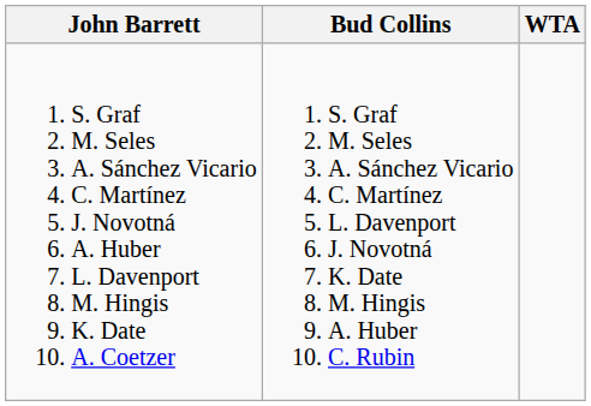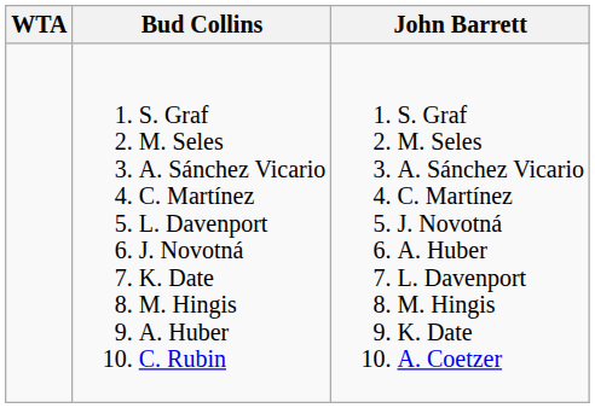 <table class="wikitable">
 <tr>
+<th>WTA</th>
+<th>Bud Collins</th>
 <th>John Barrett</th>
-<th>Bud Collins</th>
-<th>WTA</th>
 </tr>
 <tr style="vertical-align: top;">
+<td></td>
+<td style="white-space: nowrap;"><br><ol><li> S. Graf</li><li> M. Seles</li><li> A. Sánchez Vicario</li><li> C. Martínez</li><li> L. Davenport</li><li> J. Novotná</li><li> K. Date</li><li> M. Hingis</li><li> A. Huber</li><li> <a href='#'>C. Rubin</a></li></ol></td>
 <td style="white-space: nowrap;"><br><ol><li> S. Graf</li><li> M. Seles</li><li> A. Sánchez Vicario</li><li> C. Martínez</li><li> J. Novotná</li><li> A. Huber</li><li> L. Davenport</li><li> M. Hingis</li><li> K. Date</li><li> <a href='#'>A. Coetzer</a></li></ol></td>
-<td style="white-space: nowrap;"><br><ol><li> S. Graf</li><li> M. Seles</li><li> A. Sánchez Vicario</li><li> C. Martínez</li><li> L. Davenport</li><li> J. Novotná</li><li> K. Date</li><li> M. Hingis</li><li> A. Huber</li><li> <a href='#'>C. Rubin</a></li></ol></td>
-<td></td>
 </tr>
 </table>
